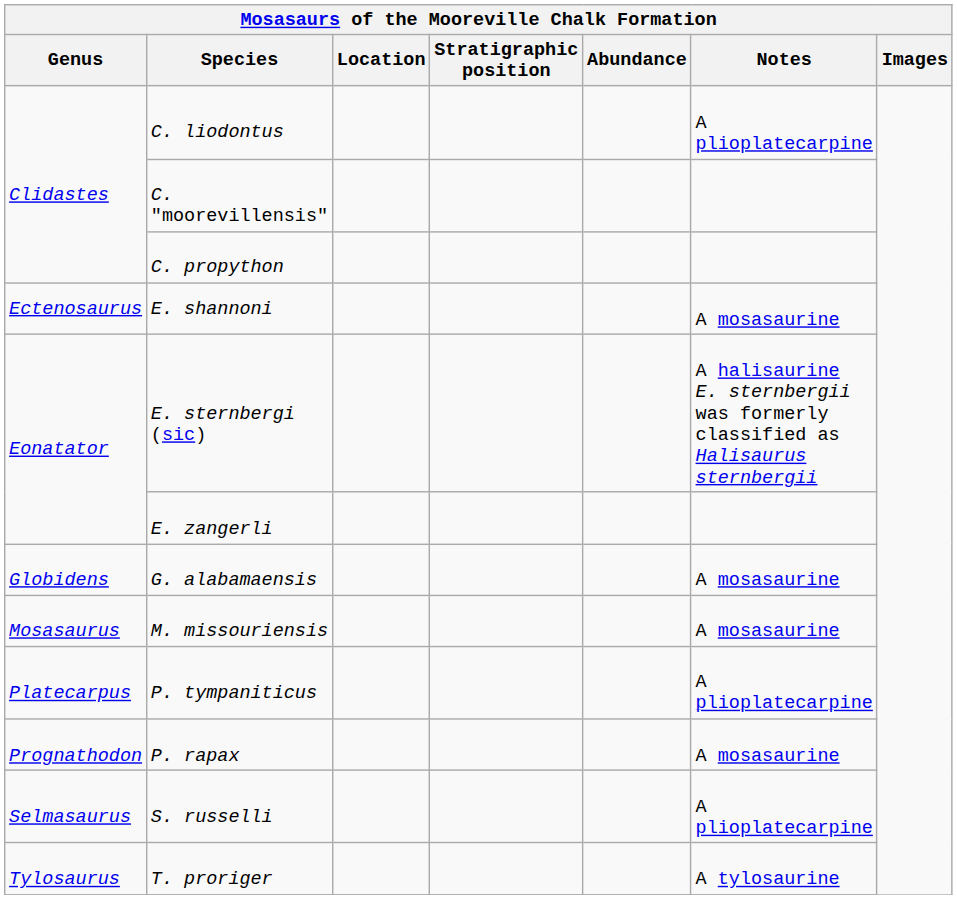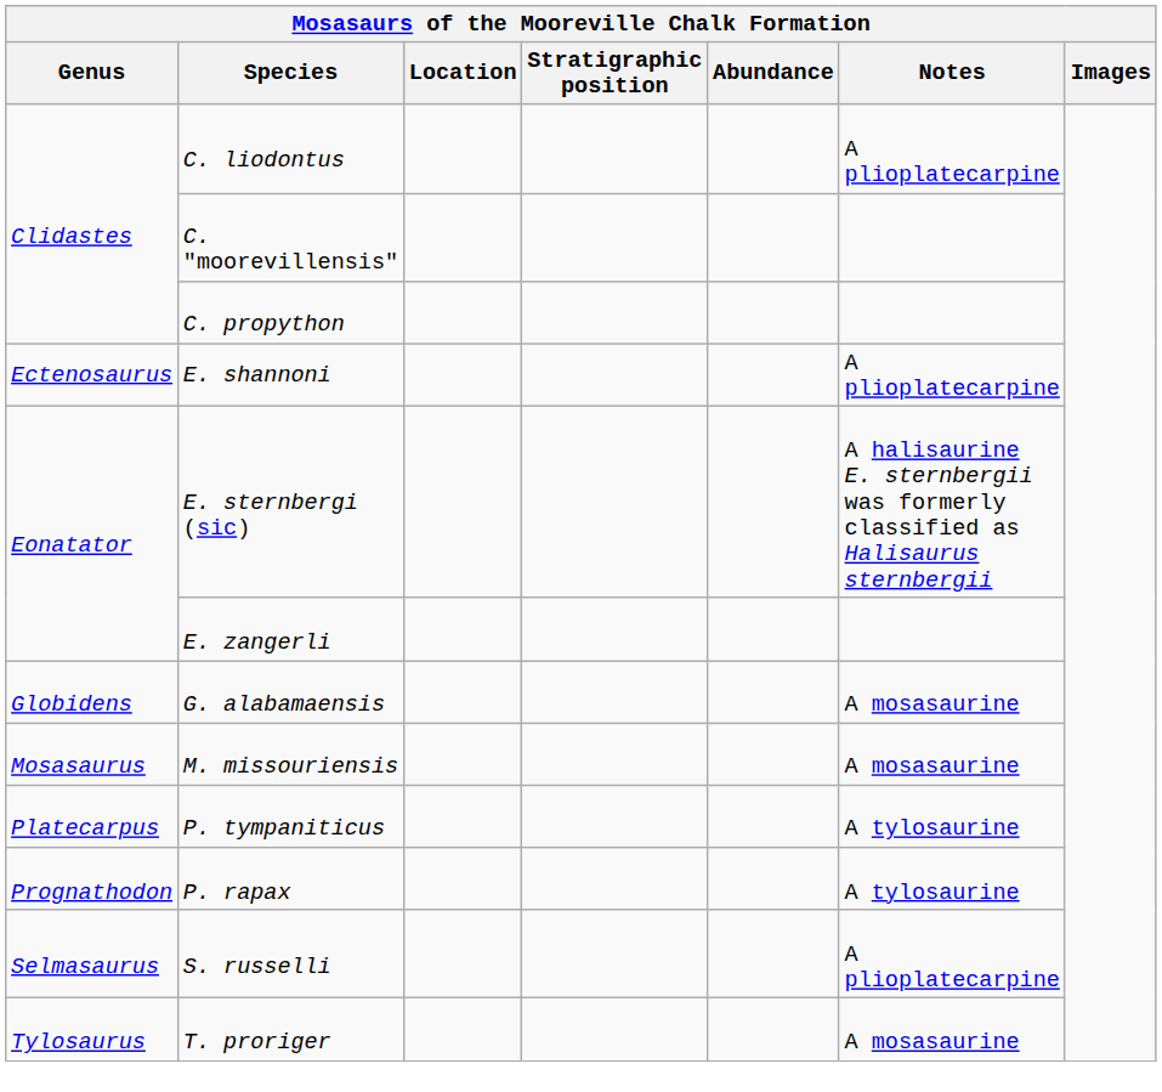 <table class="wikitable" align="center" width="100%">
 <tr>
 <th colspan="7" align="center"><strong><a href='#'>Mosasaurs</a> of the Mooreville Chalk Formation</strong></th>
 </tr>
 <tr>
 <th>Genus</th>
 <th>Species</th>
 <th>Location</th>
 <th>Stratigraphic position</th>
 <th>Abundance</th>
 <th>Notes</th>
 <th>Images</th>
 </tr>
 <tr>
 <td rowspan="3"><br><em><a href='#'>Clidastes</a></em></td>
 <td><br><em>C. liodontus</em></td>
 <td></td>
 <td></td>
 <td></td>
 <td><br>A <a href='#'>plioplatecarpine</a></td>
 <td rowspan="100"><br>     </td>
 </tr>
 <tr>
 <td><br><em>C.</em> "moorevillensis"</td>
 <td></td>
 <td></td>
 <td></td>
 <td></td>
 </tr>
 <tr>
 <td><br><em>C. propython</em></td>
 <td></td>
 <td></td>
 <td></td>
 <td></td>
 </tr>
 <tr>
 <td><em><a href='#'>Ectenosaurus</a></em></td>
 <td><em>E. shannoni</em></td>
 <td></td>
 <td></td>
 <td></td>
-<td><br>A <a href='#'>mosasaurine</a></td>
+<td>A <a href='#'>plioplatecarpine</a></td>
 </tr>
 <tr>
 <td rowspan="2"><br><em><a href='#'>Eonatator</a></em></td>
 <td><br><em>E. sternbergi</em> (<a href='#'>sic</a>)</td>
 <td></td>
 <td></td>
 <td></td>
 <td><br>A <a href='#'>halisaurine</a> <em>E. sternbergii</em> was formerly classified as <em><a href='#'>Halisaurus sternbergii</a></em></td>
 </tr>
 <tr>
 <td><br><em>E. zangerli</em></td>
 <td></td>
 <td></td>
 <td></td>
 <td></td>
 </tr>
 <tr>
 <td><br><em><a href='#'>Globidens</a></em></td>
 <td><br><em>G. alabamaensis</em></td>
 <td></td>
 <td></td>
 <td></td>
 <td><br>A <a href='#'>mosasaurine</a></td>
 </tr>
 <tr>
 <td><br><em><a href='#'>Mosasaurus</a></em></td>
 <td><br><em>M. missouriensis</em></td>
 <td></td>
 <td></td>
 <td></td>
 <td><br>A <a href='#'>mosasaurine</a></td>
 </tr>
 <tr>
 <td><br><em><a href='#'>Platecarpus</a></em></td>
 <td><br><em>P. tympaniticus</em></td>
 <td></td>
 <td></td>
 <td></td>
-<td><br>A <a href='#'>plioplatecarpine</a></td>
+<td><br>A <a href='#'>tylosaurine</a></td>
 </tr>
 <tr>
 <td><br><em><a href='#'>Prognathodon</a></em></td>
 <td><br><em>P. rapax</em></td>
 <td></td>
 <td></td>
 <td></td>
-<td><br>A <a href='#'>mosasaurine</a></td>
+<td><br>A <a href='#'>tylosaurine</a></td>
 </tr>
 <tr>
 <td><br><em><a href='#'>Selmasaurus</a></em></td>
 <td><br><em>S. russelli</em></td>
 <td></td>
 <td></td>
 <td></td>
 <td><br>A <a href='#'>plioplatecarpine</a></td>
 </tr>
 <tr>
 <td><br><em><a href='#'>Tylosaurus</a></em></td>
 <td><br><em>T. proriger</em></td>
 <td></td>
 <td></td>
 <td></td>
-<td><br>A <a href='#'>tylosaurine</a></td>
+<td><br>A <a href='#'>mosasaurine</a></td>
 </tr>
 <tr>
 </tr>
 </table>
